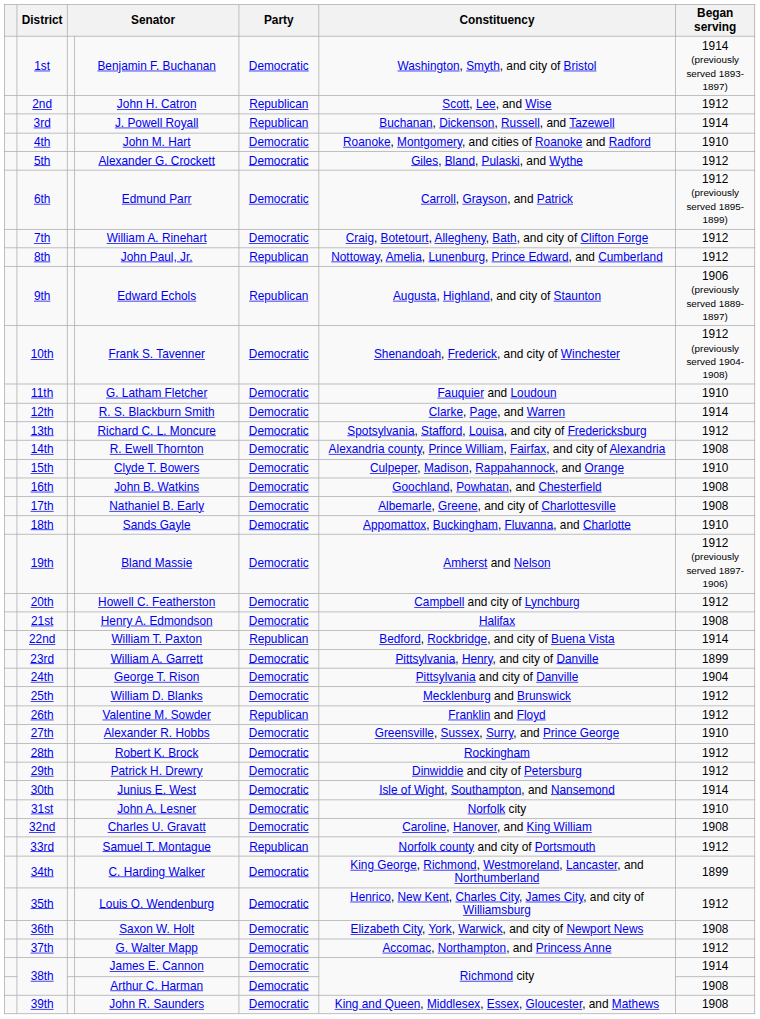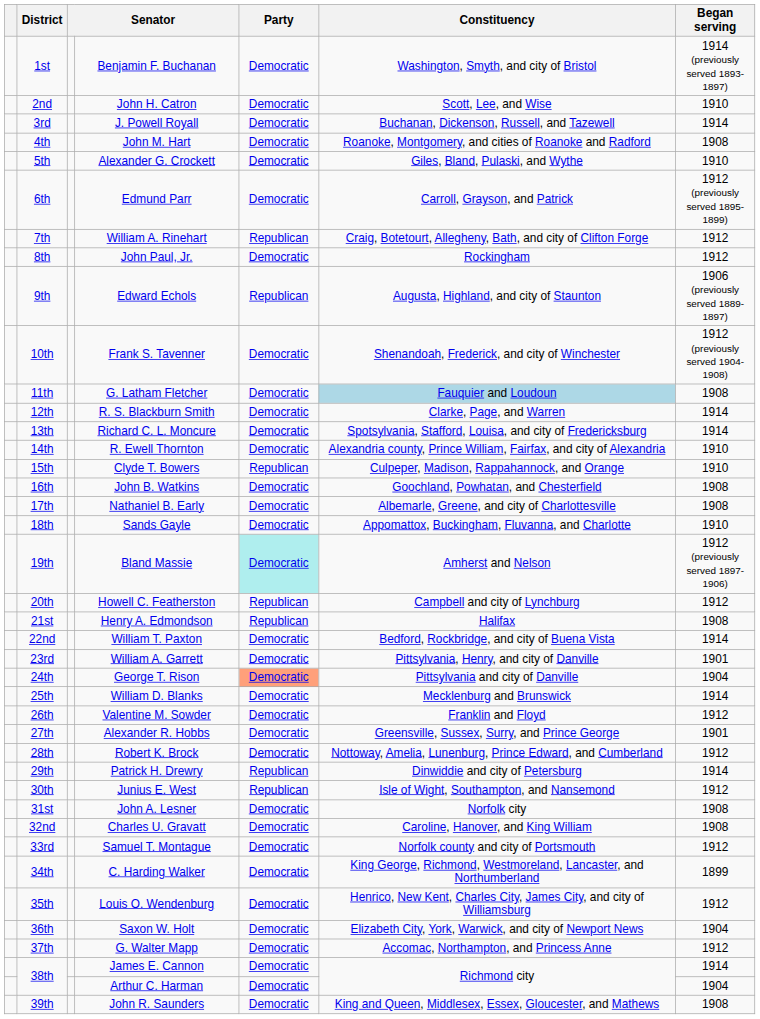 <table class="wikitable" style="text-align:center">
 <tr>
 <th width="10px"></th>
 <th width="60px">District</th>
 <th colspan=2 width="225px">Senator</th>
 <th width="100px">Party</th>
 <th width="475px">Constituency</th>
 <th width="100px">Began serving</th>
 </tr>
 <tr>
 <td style="background-color:"></td>
 <td><a href='#'>1st</a></td>
 <td></td>
 <td><a href='#'>Benjamin F. Buchanan</a></td>
 <td><a href='#'>Democratic</a></td>
 <td><a href='#'>Washington</a>, <a href='#'>Smyth</a>, and city of <a href='#'>Bristol</a></td>
 <td>1914<br><small>(previously served 1893-1897)</small></td>
 </tr>
 <tr>
 <td style="background-color:"></td>
 <td><a href='#'>2nd</a></td>
 <td></td>
 <td><a href='#'>John H. Catron</a></td>
-<td><a href='#'>Republican</a></td>
+<td><a href='#'>Democratic</a></td>
 <td><a href='#'>Scott</a>, <a href='#'>Lee</a>, and <a href='#'>Wise</a></td>
-<td>1912</td>
+<td>1910</td>
 </tr>
 <tr>
 <td style="background-color:"></td>
 <td><a href='#'>3rd</a></td>
 <td></td>
 <td><a href='#'>J. Powell Royall</a></td>
-<td><a href='#'>Republican</a></td>
+<td><a href='#'>Democratic</a></td>
 <td><a href='#'>Buchanan</a>, <a href='#'>Dickenson</a>, <a href='#'>Russell</a>, and <a href='#'>Tazewell</a></td>
 <td>1914</td>
 </tr>
 <tr>
 <td style="background-color:"></td>
 <td><a href='#'>4th</a></td>
 <td></td>
 <td><a href='#'>John M. Hart</a></td>
 <td><a href='#'>Democratic</a></td>
 <td><a href='#'>Roanoke</a>, <a href='#'>Montgomery</a>, and cities of <a href='#'>Roanoke</a> and <a href='#'>Radford</a></td>
-<td>1910</td>
+<td>1908</td>
 </tr>
 <tr>
 <td style="background-color:"></td>
 <td><a href='#'>5th</a></td>
 <td></td>
 <td><a href='#'>Alexander G. Crockett</a></td>
 <td><a href='#'>Democratic</a></td>
 <td><a href='#'>Giles</a>, <a href='#'>Bland</a>, <a href='#'>Pulaski</a>, and <a href='#'>Wythe</a></td>
-<td>1912</td>
+<td>1910</td>
 </tr>
 <tr>
 <td style="background-color:"></td>
 <td><a href='#'>6th</a></td>
 <td></td>
 <td><a href='#'>Edmund Parr</a></td>
 <td><a href='#'>Democratic</a></td>
 <td><a href='#'>Carroll</a>, <a href='#'>Grayson</a>, and <a href='#'>Patrick</a></td>
 <td>1912<br><small>(previously served 1895-1899)</small></td>
 </tr>
 <tr>
 <td style="background-color:"></td>
 <td><a href='#'>7th</a></td>
 <td></td>
 <td><a href='#'>William A. Rinehart</a></td>
-<td><a href='#'>Democratic</a></td>
+<td><a href='#'>Republican</a></td>
 <td><a href='#'>Craig</a>, <a href='#'>Botetourt</a>, <a href='#'>Allegheny</a>, <a href='#'>Bath</a>, and city of <a href='#'>Clifton Forge</a></td>
 <td>1912</td>
 </tr>
 <tr>
 <td style="background-color:"></td>
 <td><a href='#'>8th</a></td>
 <td></td>
 <td><a href='#'>John Paul, Jr.</a></td>
-<td><a href='#'>Republican</a></td>
-<td><a href='#'>Nottoway</a>, <a href='#'>Amelia</a>, <a href='#'>Lunenburg</a>, <a href='#'>Prince Edward</a>, and <a href='#'>Cumberland</a></td>
+<td><a href='#'>Democratic</a></td>
+<td><a href='#'>Rockingham</a></td>
 <td>1912</td>
 </tr>
 <tr>
 <td style="background-color:"></td>
 <td><a href='#'>9th</a></td>
 <td></td>
 <td><a href='#'>Edward Echols</a></td>
 <td><a href='#'>Republican</a></td>
 <td><a href='#'>Augusta</a>, <a href='#'>Highland</a>, and city of <a href='#'>Staunton</a></td>
 <td>1906<br><small>(previously served 1889-1897)</small></td>
 </tr>
 <tr>
 <td style="background-color:"></td>
 <td><a href='#'>10th</a></td>
 <td></td>
 <td><a href='#'>Frank S. Tavenner</a></td>
 <td><a href='#'>Democratic</a></td>
 <td><a href='#'>Shenandoah</a>, <a href='#'>Frederick</a>, and city of <a href='#'>Winchester</a></td>
 <td>1912<br><small>(previously served 1904-1908)</small></td>
 </tr>
 <tr>
 <td style="background-color:"></td>
 <td><a href='#'>11th</a></td>
 <td></td>
 <td><a href='#'>G. Latham Fletcher</a></td>
 <td><a href='#'>Democratic</a></td>
-<td><a href='#'>Fauquier</a> and <a href='#'>Loudoun</a></td>
-<td>1910</td>
+<td style="background: lightblue;"><a href='#'>Fauquier</a> and <a href='#'>Loudoun</a></td>
+<td>1908</td>
 </tr>
 <tr>
 <td style="background-color:"></td>
 <td><a href='#'>12th</a></td>
 <td></td>
 <td><a href='#'>R. S. Blackburn Smith</a></td>
 <td><a href='#'>Democratic</a></td>
 <td><a href='#'>Clarke</a>, <a href='#'>Page</a>, and <a href='#'>Warren</a></td>
 <td>1914</td>
 </tr>
 <tr>
 <td style="background-color:"></td>
 <td><a href='#'>13th</a></td>
 <td></td>
 <td><a href='#'>Richard C. L. Moncure</a></td>
 <td><a href='#'>Democratic</a></td>
 <td><a href='#'>Spotsylvania</a>, <a href='#'>Stafford</a>, <a href='#'>Louisa</a>, and city of <a href='#'>Fredericksburg</a></td>
-<td>1912</td>
+<td>1914</td>
 </tr>
 <tr>
 <td style="background-color:"></td>
 <td><a href='#'>14th</a></td>
 <td></td>
 <td><a href='#'>R. Ewell Thornton</a></td>
 <td><a href='#'>Democratic</a></td>
 <td><a href='#'>Alexandria county</a>, <a href='#'>Prince William</a>, <a href='#'>Fairfax</a>, and city of <a href='#'>Alexandria</a></td>
-<td>1908</td>
+<td>1910</td>
 </tr>
 <tr>
 <td style="background-color:"></td>
 <td><a href='#'>15th</a></td>
 <td></td>
 <td><a href='#'>Clyde T. Bowers</a></td>
-<td><a href='#'>Democratic</a></td>
+<td><a href='#'>Republican</a></td>
 <td><a href='#'>Culpeper</a>, <a href='#'>Madison</a>, <a href='#'>Rappahannock</a>, and <a href='#'>Orange</a></td>
 <td>1910</td>
 </tr>
 <tr>
 <td style="background-color:"></td>
 <td><a href='#'>16th</a></td>
 <td></td>
 <td><a href='#'>John B. Watkins</a></td>
 <td><a href='#'>Democratic</a></td>
 <td><a href='#'>Goochland</a>, <a href='#'>Powhatan</a>, and <a href='#'>Chesterfield</a></td>
 <td>1908</td>
 </tr>
 <tr>
 <td style="background-color:"></td>
 <td><a href='#'>17th</a></td>
 <td></td>
 <td><a href='#'>Nathaniel B. Early</a></td>
 <td><a href='#'>Democratic</a></td>
 <td><a href='#'>Albemarle</a>, <a href='#'>Greene</a>, and city of <a href='#'>Charlottesville</a></td>
 <td>1908</td>
 </tr>
 <tr>
 <td style="background-color:"></td>
 <td><a href='#'>18th</a></td>
 <td></td>
 <td><a href='#'>Sands Gayle</a></td>
 <td><a href='#'>Democratic</a></td>
 <td><a href='#'>Appomattox</a>, <a href='#'>Buckingham</a>, <a href='#'>Fluvanna</a>, and <a href='#'>Charlotte</a></td>
 <td>1910</td>
 </tr>
 <tr>
 <td style="background-color:"></td>
 <td><a href='#'>19th</a></td>
 <td></td>
 <td><a href='#'>Bland Massie</a></td>
-<td><a href='#'>Democratic</a></td>
+<td style="background: paleturquoise;"><a href='#'>Democratic</a></td>
 <td><a href='#'>Amherst</a> and <a href='#'>Nelson</a></td>
 <td>1912<br><small>(previously served 1897-1906)</small></td>
 </tr>
 <tr>
 <td style="background-color:"></td>
 <td><a href='#'>20th</a></td>
 <td></td>
 <td><a href='#'>Howell C. Featherston</a></td>
-<td><a href='#'>Democratic</a></td>
+<td><a href='#'>Republican</a></td>
 <td><a href='#'>Campbell</a> and city of <a href='#'>Lynchburg</a></td>
 <td>1912</td>
 </tr>
 <tr>
 <td style="background-color:"></td>
 <td><a href='#'>21st</a></td>
 <td></td>
 <td><a href='#'>Henry A. Edmondson</a></td>
-<td><a href='#'>Democratic</a></td>
+<td><a href='#'>Republican</a></td>
 <td><a href='#'>Halifax</a></td>
 <td>1908</td>
 </tr>
 <tr>
 <td style="background-color:"></td>
 <td><a href='#'>22nd</a></td>
 <td></td>
 <td><a href='#'>William T. Paxton</a></td>
-<td><a href='#'>Republican</a></td>
+<td><a href='#'>Democratic</a></td>
 <td><a href='#'>Bedford</a>, <a href='#'>Rockbridge</a>, and city of <a href='#'>Buena Vista</a></td>
 <td>1914</td>
 </tr>
 <tr>
 <td style="background-color:"></td>
 <td><a href='#'>23rd</a></td>
 <td></td>
 <td><a href='#'>William A. Garrett</a></td>
 <td><a href='#'>Democratic</a></td>
 <td><a href='#'>Pittsylvania</a>, <a href='#'>Henry</a>, and city of <a href='#'>Danville</a></td>
-<td>1899</td>
+<td>1901</td>
 </tr>
 <tr>
 <td style="background-color:"></td>
 <td><a href='#'>24th</a></td>
 <td></td>
 <td><a href='#'>George T. Rison</a></td>
-<td><a href='#'>Democratic</a></td>
+<td style="background: lightsalmon;"><a href='#'>Democratic</a></td>
 <td><a href='#'>Pittsylvania</a> and city of <a href='#'>Danville</a></td>
 <td>1904</td>
 </tr>
 <tr>
 <td style="background-color:"></td>
 <td><a href='#'>25th</a></td>
 <td></td>
 <td><a href='#'>William D. Blanks</a></td>
 <td><a href='#'>Democratic</a></td>
 <td><a href='#'>Mecklenburg</a> and <a href='#'>Brunswick</a></td>
-<td>1912</td>
+<td>1914</td>
 </tr>
 <tr>
 <td style="background-color:"></td>
 <td><a href='#'>26th</a></td>
 <td></td>
 <td><a href='#'>Valentine M. Sowder</a></td>
-<td><a href='#'>Republican</a></td>
+<td><a href='#'>Democratic</a></td>
 <td><a href='#'>Franklin</a> and <a href='#'>Floyd</a></td>
 <td>1912</td>
 </tr>
 <tr>
 <td style="background-color:"></td>
 <td><a href='#'>27th</a></td>
 <td></td>
 <td><a href='#'>Alexander R. Hobbs</a></td>
 <td><a href='#'>Democratic</a></td>
 <td><a href='#'>Greensville</a>, <a href='#'>Sussex</a>, <a href='#'>Surry</a>, and <a href='#'>Prince George</a></td>
-<td>1910</td>
+<td>1901</td>
 </tr>
 <tr>
 <td style="background-color:"></td>
 <td><a href='#'>28th</a></td>
 <td></td>
 <td><a href='#'>Robert K. Brock</a></td>
 <td><a href='#'>Democratic</a></td>
-<td><a href='#'>Rockingham</a></td>
+<td><a href='#'>Nottoway</a>, <a href='#'>Amelia</a>, <a href='#'>Lunenburg</a>, <a href='#'>Prince Edward</a>, and <a href='#'>Cumberland</a></td>
 <td>1912</td>
 </tr>
 <tr>
 <td style="background-color:"></td>
 <td><a href='#'>29th</a></td>
 <td></td>
 <td><a href='#'>Patrick H. Drewry</a></td>
-<td><a href='#'>Democratic</a></td>
+<td><a href='#'>Republican</a></td>
 <td><a href='#'>Dinwiddie</a> and city of <a href='#'>Petersburg</a></td>
-<td>1912</td>
+<td>1914</td>
 </tr>
 <tr>
 <td style="background-color:"></td>
 <td><a href='#'>30th</a></td>
 <td></td>
 <td><a href='#'>Junius E. West</a></td>
-<td><a href='#'>Democratic</a></td>
+<td><a href='#'>Republican</a></td>
 <td><a href='#'>Isle of Wight</a>, <a href='#'>Southampton</a>, and <a href='#'>Nansemond</a></td>
-<td>1914</td>
+<td>1912</td>
 </tr>
 <tr>
 <td style="background-color:"></td>
 <td><a href='#'>31st</a></td>
 <td></td>
 <td><a href='#'>John A. Lesner</a></td>
 <td><a href='#'>Democratic</a></td>
 <td><a href='#'>Norfolk</a> city</td>
-<td>1910</td>
+<td>1908</td>
 </tr>
 <tr>
 <td style="background-color:"></td>
 <td><a href='#'>32nd</a></td>
 <td></td>
 <td><a href='#'>Charles U. Gravatt</a></td>
 <td><a href='#'>Democratic</a></td>
 <td><a href='#'>Caroline</a>, <a href='#'>Hanover</a>, and <a href='#'>King William</a></td>
 <td>1908</td>
 </tr>
 <tr>
 <td style="background-color:"></td>
 <td><a href='#'>33rd</a></td>
 <td></td>
 <td><a href='#'>Samuel T. Montague</a></td>
-<td><a href='#'>Republican</a></td>
+<td><a href='#'>Democratic</a></td>
 <td><a href='#'>Norfolk county</a> and city of <a href='#'>Portsmouth</a></td>
 <td>1912</td>
 </tr>
 <tr>
 <td style="background-color:"></td>
 <td><a href='#'>34th</a></td>
 <td></td>
 <td><a href='#'>C. Harding Walker</a></td>
 <td><a href='#'>Democratic</a></td>
 <td><a href='#'>King George</a>, <a href='#'>Richmond</a>, <a href='#'>Westmoreland</a>, <a href='#'>Lancaster</a>, and <a href='#'>Northumberland</a></td>
 <td>1899</td>
 </tr>
 <tr>
 <td style="background-color:"></td>
 <td><a href='#'>35th</a></td>
 <td></td>
 <td><a href='#'>Louis O. Wendenburg</a></td>
 <td><a href='#'>Democratic</a></td>
 <td><a href='#'>Henrico</a>, <a href='#'>New Kent</a>, <a href='#'>Charles City</a>, <a href='#'>James City</a>, and city of <a href='#'>Williamsburg</a></td>
 <td>1912</td>
 </tr>
 <tr>
 <td style="background-color:"></td>
 <td><a href='#'>36th</a></td>
 <td></td>
 <td><a href='#'>Saxon W. Holt</a></td>
 <td><a href='#'>Democratic</a></td>
 <td><a href='#'>Elizabeth City</a>, <a href='#'>York</a>, <a href='#'>Warwick</a>, and city of <a href='#'>Newport News</a></td>
-<td>1908</td>
+<td>1904</td>
 </tr>
 <tr>
 <td style="background-color:"></td>
 <td><a href='#'>37th</a></td>
 <td></td>
 <td><a href='#'>G. Walter Mapp</a></td>
 <td><a href='#'>Democratic</a></td>
 <td><a href='#'>Accomac</a>, <a href='#'>Northampton</a>, and <a href='#'>Princess Anne</a></td>
 <td>1912</td>
 </tr>
 <tr>
 <td style="background-color:"></td>
 <td rowspan="2"><a href='#'>38th</a></td>
 <td></td>
 <td><a href='#'>James E. Cannon</a></td>
 <td><a href='#'>Democratic</a></td>
 <td rowspan="2"><a href='#'>Richmond</a> city</td>
 <td>1914</td>
 </tr>
 <tr>
 <td style="background-color:"></td>
 <td></td>
 <td><a href='#'>Arthur C. Harman</a></td>
 <td><a href='#'>Democratic</a></td>
-<td>1908</td>
+<td>1904</td>
 </tr>
 <tr>
 <td style="background-color:"></td>
 <td><a href='#'>39th</a></td>
 <td></td>
 <td><a href='#'>John R. Saunders</a></td>
 <td><a href='#'>Democratic</a></td>
 <td><a href='#'>King and Queen</a>, <a href='#'>Middlesex</a>, <a href='#'>Essex</a>, <a href='#'>Gloucester</a>, and <a href='#'>Mathews</a></td>
 <td>1908</td>
 </tr>
 </table>
